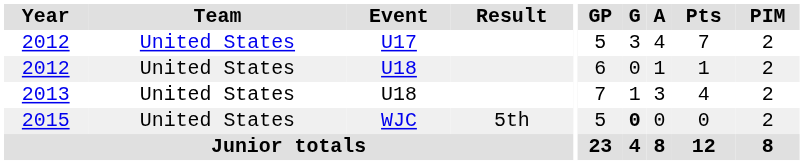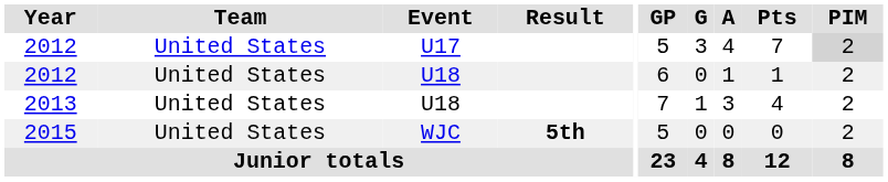 <table border="0" cellpadding="1" cellspacing="0" ID="Table3" style="text-align:center; width:40em">
 <tr ALIGN="center" bgcolor="#e0e0e0">
 <th>Year</th>
 <th>Team</th>
 <th>Event</th>
 <th>Result</th>
 <th rowspan="99" bgcolor="#ffffff"></th>
 <th>GP</th>
 <th>G</th>
 <th>A</th>
 <th>Pts</th>
 <th>PIM</th>
 </tr>
 <tr>
 <td><a href='#'>2012</a></td>
 <td><a href='#'>United States</a></td>
 <td><a href='#'>U17</a></td>
 <td></td>
 <td>5</td>
 <td>3</td>
 <td>4</td>
 <td>7</td>
-<td>2</td>
+<td style="background: lightgrey;">2</td>
 </tr>
 <tr bgcolor="#f0f0f0">
 <td><a href='#'>2012</a></td>
 <td>United States</td>
 <td><a href='#'>U18</a></td>
 <td></td>
 <td>6</td>
 <td>0</td>
 <td>1</td>
 <td>1</td>
 <td>2</td>
 </tr>
 <tr>
 <td><a href='#'>2013</a></td>
 <td>United States</td>
 <td>U18</td>
 <td></td>
 <td>7</td>
 <td>1</td>
 <td>3</td>
 <td>4</td>
 <td>2</td>
 </tr>
 <tr bgcolor="#f0f0f0">
 <td><a href='#'>2015</a></td>
 <td>United States</td>
 <td><a href='#'>WJC</a></td>
-<td>5th</td>
+<td><strong>5th</strong></td>
 <td>5</td>
-<td><strong>0</strong></td>
+<td>0</td>
 <td>0</td>
 <td>0</td>
 <td>2</td>
 </tr>
 <tr bgcolor="#e0e0e0">
 <th colspan="4">Junior totals</th>
 <th>23</th>
 <th>4</th>
 <th>8</th>
 <th>12</th>
 <th>8</th>
 </tr>
 </table>
